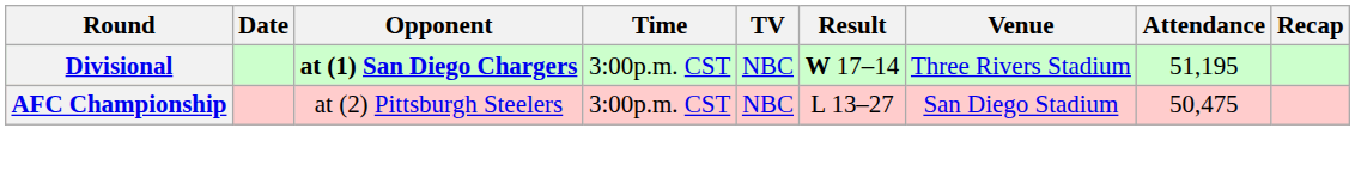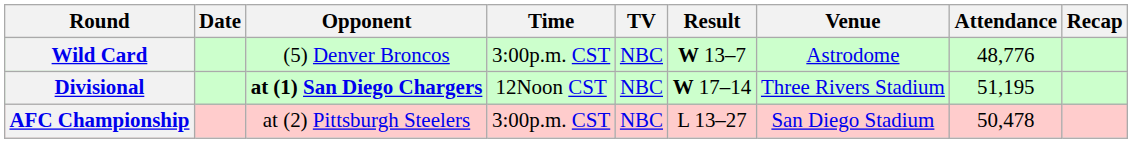 <table class="wikitable" style="text-align:center">
 <tr>
 <th>Round</th>
 <th>Date</th>
 <th>Opponent</th>
 <th>Time</th>
 <th>TV</th>
 <th>Result</th>
 <th>Venue</th>
 <th>Attendance</th>
 <th>Recap</th>
 </tr>
 <tr style="background:#cfc">
+<th><a href='#'>Wild Card</a></th>
+<td></td>
+<td>(5) <a href='#'>Denver Broncos</a></td>
+<td>3:00p.m. <a href='#'>CST</a></td>
+<td><a href='#'>NBC</a></td>
+<td><strong>W</strong> 13–7</td>
+<td><a href='#'>Astrodome</a></td>
+<td>48,776</td>
+<td></td>
+</tr>
+<tr style="background:#cfc">
 <th><a href='#'>Divisional</a></th>
 <td></td>
 <td><strong>at (1) <a href='#'>San Diego Chargers</a></strong></td>
-<td>3:00p.m. <a href='#'>CST</a></td>
+<td>12Noon <a href='#'>CST</a></td>
 <td><a href='#'>NBC</a></td>
 <td><strong>W</strong> 17–14</td>
 <td><a href='#'>Three Rivers Stadium</a></td>
 <td>51,195</td>
 <td></td>
 </tr>
 <tr style="background:#fcc">
 <th><a href='#'>AFC Championship</a></th>
 <td></td>
 <td>at (2) <a href='#'>Pittsburgh Steelers</a></td>
 <td>3:00p.m. <a href='#'>CST</a></td>
 <td><a href='#'>NBC</a></td>
 <td>L 13–27</td>
 <td><a href='#'>San Diego Stadium</a></td>
-<td>50,475</td>
+<td>50,478</td>
 <td></td>
 </tr>
 </table>
